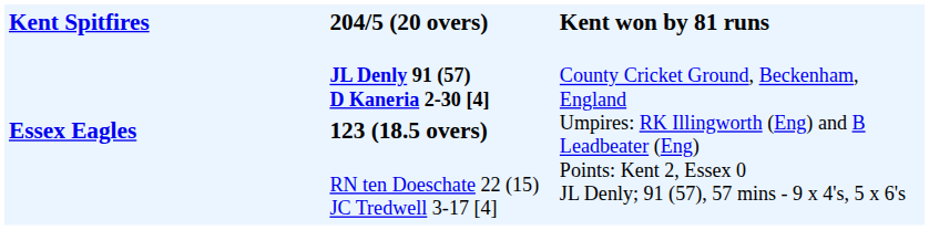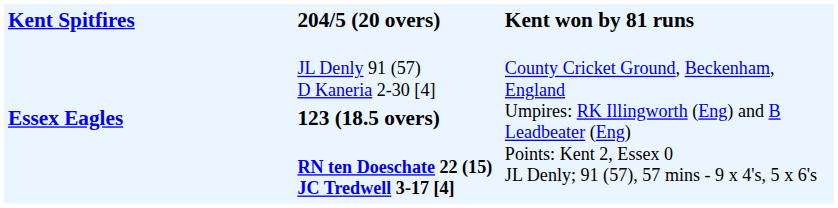 <table style="width:100%; background:#ebf5ff;">
 <tr>
 <td style="width:35%; vertical-align:top;" rowspan="2"><strong><a href='#'>Kent Spitfires</a></strong></td>
 <td style="width:25%;"><strong>204/5 (20 overs)</strong></td>
 <td style="width:40%;"><strong>Kent won by 81 runs</strong></td>
 </tr>
 <tr>
-<td style="font-size: 85%;"><strong><br><a href='#'>JL Denly</a> 91 (57)<br> <a href='#'>D Kaneria</a> 2-30 [4]</strong></td>
+<td style="font-size: 85%;"><br><a href='#'>JL Denly</a> 91 (57)<br> <a href='#'>D Kaneria</a> 2-30 [4]</td>
 <td style="vertical-align:top; font-size:85%;" rowspan="3"><br><a href='#'>County Cricket Ground</a>, <a href='#'>Beckenham</a>, <a href='#'>England</a><br> Umpires: <a href='#'>RK Illingworth</a> (<a href='#'>Eng</a>) and <a href='#'>B Leadbeater</a> (<a href='#'>Eng</a>)<br> Points: Kent 2, Essex 0<br>JL Denly; 91 (57), 57 mins - 9 x 4's, 5 x 6's</td>
 </tr>
 <tr>
 <td style="vertical-align:top;" rowspan="2"><strong><a href='#'>Essex Eagles</a></strong></td>
 <td><strong>123 (18.5 overs)</strong></td>
 </tr>
 <tr>
-<td style="font-size: 85%;"><br><a href='#'>RN ten Doeschate</a> 22 (15)<br> <a href='#'>JC Tredwell</a> 3-17 [4]</td>
+<td style="font-size: 85%;"><strong><br><a href='#'>RN ten Doeschate</a> 22 (15)<br> <a href='#'>JC Tredwell</a> 3-17 [4]</strong></td>
 </tr>
 </table>
